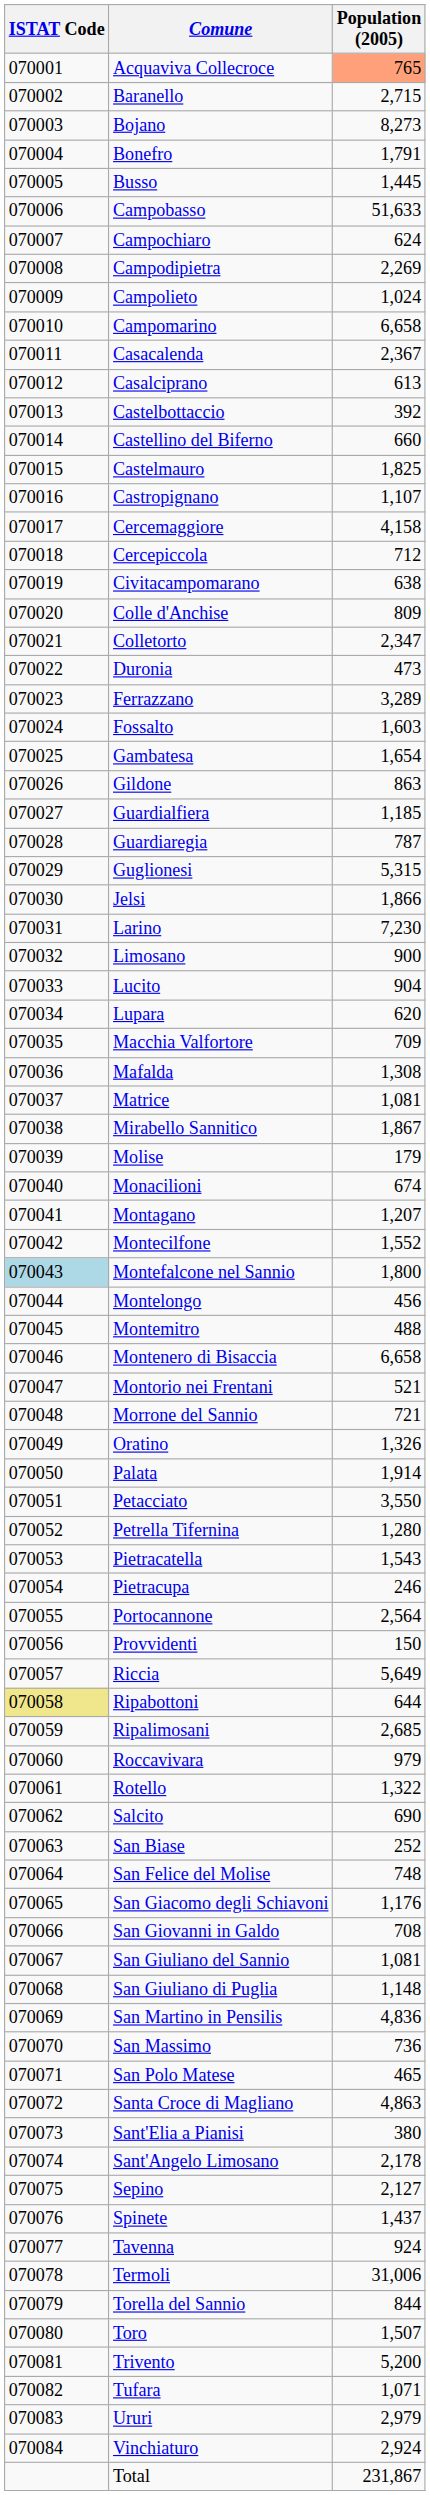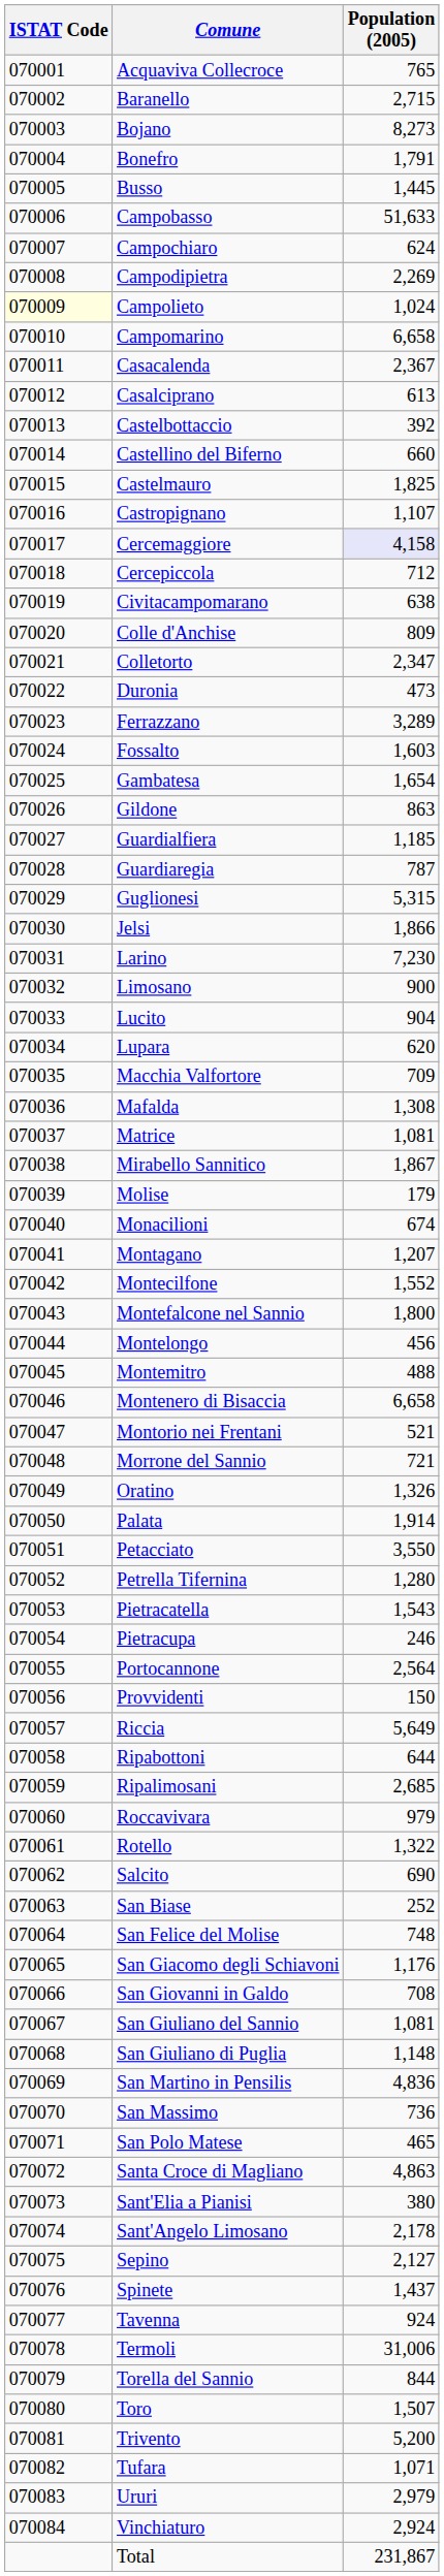 <table class="wikitable sortable">
 <tr>
 <th><a href='#'>ISTAT</a> Code</th>
 <th><em><a href='#'>Comune</a></em></th>
 <th>Population <br>(2005)</th>
 </tr>
 <tr>
 <td>070001</td>
 <td><a href='#'>Acquaviva Collecroce</a></td>
-<td align="right" style="background: lightsalmon;">765</td>
+<td align="right">765</td>
 </tr>
 <tr>
 <td>070002</td>
 <td><a href='#'>Baranello</a></td>
 <td align="right">2,715</td>
 </tr>
 <tr>
 <td>070003</td>
 <td><a href='#'>Bojano</a></td>
 <td align="right">8,273</td>
 </tr>
 <tr>
 <td>070004</td>
 <td><a href='#'>Bonefro</a></td>
 <td align="right">1,791</td>
 </tr>
 <tr>
 <td>070005</td>
 <td><a href='#'>Busso</a></td>
 <td align="right">1,445</td>
 </tr>
 <tr>
 <td>070006</td>
 <td><a href='#'>Campobasso</a></td>
 <td align="right">51,633</td>
 </tr>
 <tr>
 <td>070007</td>
 <td><a href='#'>Campochiaro</a></td>
 <td align="right">624</td>
 </tr>
 <tr>
 <td>070008</td>
 <td><a href='#'>Campodipietra</a></td>
 <td align="right">2,269</td>
 </tr>
 <tr>
-<td>070009</td>
+<td style="background: lightyellow;">070009</td>
 <td><a href='#'>Campolieto</a></td>
 <td align="right">1,024</td>
 </tr>
 <tr>
 <td>070010</td>
 <td><a href='#'>Campomarino</a></td>
 <td align="right">6,658</td>
 </tr>
 <tr>
 <td>070011</td>
 <td><a href='#'>Casacalenda</a></td>
 <td align="right">2,367</td>
 </tr>
 <tr>
 <td>070012</td>
 <td><a href='#'>Casalciprano</a></td>
 <td align="right">613</td>
 </tr>
 <tr>
 <td>070013</td>
 <td><a href='#'>Castelbottaccio</a></td>
 <td align="right">392</td>
 </tr>
 <tr>
 <td>070014</td>
 <td><a href='#'>Castellino del Biferno</a></td>
 <td align="right">660</td>
 </tr>
 <tr>
 <td>070015</td>
 <td><a href='#'>Castelmauro</a></td>
 <td align="right">1,825</td>
 </tr>
 <tr>
 <td>070016</td>
 <td><a href='#'>Castropignano</a></td>
 <td align="right">1,107</td>
 </tr>
 <tr>
 <td>070017</td>
 <td><a href='#'>Cercemaggiore</a></td>
-<td align="right">4,158</td>
+<td align="right" style="background: lavender;">4,158</td>
 </tr>
 <tr>
 <td>070018</td>
 <td><a href='#'>Cercepiccola</a></td>
 <td align="right">712</td>
 </tr>
 <tr>
 <td>070019</td>
 <td><a href='#'>Civitacampomarano</a></td>
 <td align="right">638</td>
 </tr>
 <tr>
 <td>070020</td>
 <td><a href='#'>Colle d'Anchise</a></td>
 <td align="right">809</td>
 </tr>
 <tr>
 <td>070021</td>
 <td><a href='#'>Colletorto</a></td>
 <td align="right">2,347</td>
 </tr>
 <tr>
 <td>070022</td>
 <td><a href='#'>Duronia</a></td>
 <td align="right">473</td>
 </tr>
 <tr>
 <td>070023</td>
 <td><a href='#'>Ferrazzano</a></td>
 <td align="right">3,289</td>
 </tr>
 <tr>
 <td>070024</td>
 <td><a href='#'>Fossalto</a></td>
 <td align="right">1,603</td>
 </tr>
 <tr>
 <td>070025</td>
 <td><a href='#'>Gambatesa</a></td>
 <td align="right">1,654</td>
 </tr>
 <tr>
 <td>070026</td>
 <td><a href='#'>Gildone</a></td>
 <td align="right">863</td>
 </tr>
 <tr>
 <td>070027</td>
 <td><a href='#'>Guardialfiera</a></td>
 <td align="right">1,185</td>
 </tr>
 <tr>
 <td>070028</td>
 <td><a href='#'>Guardiaregia</a></td>
 <td align="right">787</td>
 </tr>
 <tr>
 <td>070029</td>
 <td><a href='#'>Guglionesi</a></td>
 <td align="right">5,315</td>
 </tr>
 <tr>
 <td>070030</td>
 <td><a href='#'>Jelsi</a></td>
 <td align="right">1,866</td>
 </tr>
 <tr>
 <td>070031</td>
 <td><a href='#'>Larino</a></td>
 <td align="right">7,230</td>
 </tr>
 <tr>
 <td>070032</td>
 <td><a href='#'>Limosano</a></td>
 <td align="right">900</td>
 </tr>
 <tr>
 <td>070033</td>
 <td><a href='#'>Lucito</a></td>
 <td align="right">904</td>
 </tr>
 <tr>
 <td>070034</td>
 <td><a href='#'>Lupara</a></td>
 <td align="right">620</td>
 </tr>
 <tr>
 <td>070035</td>
 <td><a href='#'>Macchia Valfortore</a></td>
 <td align="right">709</td>
 </tr>
 <tr>
 <td>070036</td>
 <td><a href='#'>Mafalda</a></td>
 <td align="right">1,308</td>
 </tr>
 <tr>
 <td>070037</td>
 <td><a href='#'>Matrice</a></td>
 <td align="right">1,081</td>
 </tr>
 <tr>
 <td>070038</td>
 <td><a href='#'>Mirabello Sannitico</a></td>
 <td align="right">1,867</td>
 </tr>
 <tr>
 <td>070039</td>
 <td><a href='#'>Molise</a></td>
 <td align="right">179</td>
 </tr>
 <tr>
 <td>070040</td>
 <td><a href='#'>Monacilioni</a></td>
 <td align="right">674</td>
 </tr>
 <tr>
 <td>070041</td>
 <td><a href='#'>Montagano</a></td>
 <td align="right">1,207</td>
 </tr>
 <tr>
 <td>070042</td>
 <td><a href='#'>Montecilfone</a></td>
 <td align="right">1,552</td>
 </tr>
 <tr>
-<td style="background: lightblue;">070043</td>
+<td>070043</td>
 <td><a href='#'>Montefalcone nel Sannio</a></td>
 <td align="right">1,800</td>
 </tr>
 <tr>
 <td>070044</td>
 <td><a href='#'>Montelongo</a></td>
 <td align="right">456</td>
 </tr>
 <tr>
 <td>070045</td>
 <td><a href='#'>Montemitro</a></td>
 <td align="right">488</td>
 </tr>
 <tr>
 <td>070046</td>
 <td><a href='#'>Montenero di Bisaccia</a></td>
 <td align="right">6,658</td>
 </tr>
 <tr>
 <td>070047</td>
 <td><a href='#'>Montorio nei Frentani</a></td>
 <td align="right">521</td>
 </tr>
 <tr>
 <td>070048</td>
 <td><a href='#'>Morrone del Sannio</a></td>
 <td align="right">721</td>
 </tr>
 <tr>
 <td>070049</td>
 <td><a href='#'>Oratino</a></td>
 <td align="right">1,326</td>
 </tr>
 <tr>
 <td>070050</td>
 <td><a href='#'>Palata</a></td>
 <td align="right">1,914</td>
 </tr>
 <tr>
 <td>070051</td>
 <td><a href='#'>Petacciato</a></td>
 <td align="right">3,550</td>
 </tr>
 <tr>
 <td>070052</td>
 <td><a href='#'>Petrella Tifernina</a></td>
 <td align="right">1,280</td>
 </tr>
 <tr>
 <td>070053</td>
 <td><a href='#'>Pietracatella</a></td>
 <td align="right">1,543</td>
 </tr>
 <tr>
 <td>070054</td>
 <td><a href='#'>Pietracupa</a></td>
 <td align="right">246</td>
 </tr>
 <tr>
 <td>070055</td>
 <td><a href='#'>Portocannone</a></td>
 <td align="right">2,564</td>
 </tr>
 <tr>
 <td>070056</td>
 <td><a href='#'>Provvidenti</a></td>
 <td align="right">150</td>
 </tr>
 <tr>
 <td>070057</td>
 <td><a href='#'>Riccia</a></td>
 <td align="right">5,649</td>
 </tr>
 <tr>
-<td style="background: khaki;">070058</td>
+<td>070058</td>
 <td><a href='#'>Ripabottoni</a></td>
 <td align="right">644</td>
 </tr>
 <tr>
 <td>070059</td>
 <td><a href='#'>Ripalimosani</a></td>
 <td align="right">2,685</td>
 </tr>
 <tr>
 <td>070060</td>
 <td><a href='#'>Roccavivara</a></td>
 <td align="right">979</td>
 </tr>
 <tr>
 <td>070061</td>
 <td><a href='#'>Rotello</a></td>
 <td align="right">1,322</td>
 </tr>
 <tr>
 <td>070062</td>
 <td><a href='#'>Salcito</a></td>
 <td align="right">690</td>
 </tr>
 <tr>
 <td>070063</td>
 <td><a href='#'>San Biase</a></td>
 <td align="right">252</td>
 </tr>
 <tr>
 <td>070064</td>
 <td><a href='#'>San Felice del Molise</a></td>
 <td align="right">748</td>
 </tr>
 <tr>
 <td>070065</td>
 <td><a href='#'>San Giacomo degli Schiavoni</a></td>
 <td align="right">1,176</td>
 </tr>
 <tr>
 <td>070066</td>
 <td><a href='#'>San Giovanni in Galdo</a></td>
 <td align="right">708</td>
 </tr>
 <tr>
 <td>070067</td>
 <td><a href='#'>San Giuliano del Sannio</a></td>
 <td align="right">1,081</td>
 </tr>
 <tr>
 <td>070068</td>
 <td><a href='#'>San Giuliano di Puglia</a></td>
 <td align="right">1,148</td>
 </tr>
 <tr>
 <td>070069</td>
 <td><a href='#'>San Martino in Pensilis</a></td>
 <td align="right">4,836</td>
 </tr>
 <tr>
 <td>070070</td>
 <td><a href='#'>San Massimo</a></td>
 <td align="right">736</td>
 </tr>
 <tr>
 <td>070071</td>
 <td><a href='#'>San Polo Matese</a></td>
 <td align="right">465</td>
 </tr>
 <tr>
 <td>070072</td>
 <td><a href='#'>Santa Croce di Magliano</a></td>
 <td align="right">4,863</td>
 </tr>
 <tr>
 <td>070073</td>
 <td><a href='#'>Sant'Elia a Pianisi</a></td>
 <td align="right">380</td>
 </tr>
 <tr>
 <td>070074</td>
 <td><a href='#'>Sant'Angelo Limosano</a></td>
 <td align="right">2,178</td>
 </tr>
 <tr>
 <td>070075</td>
 <td><a href='#'>Sepino</a></td>
 <td align="right">2,127</td>
 </tr>
 <tr>
 <td>070076</td>
 <td><a href='#'>Spinete</a></td>
 <td align="right">1,437</td>
 </tr>
 <tr>
 <td>070077</td>
 <td><a href='#'>Tavenna</a></td>
 <td align="right">924</td>
 </tr>
 <tr>
 <td>070078</td>
 <td><a href='#'>Termoli</a></td>
 <td align="right">31,006</td>
 </tr>
 <tr>
 <td>070079</td>
 <td><a href='#'>Torella del Sannio</a></td>
 <td align="right">844</td>
 </tr>
 <tr>
 <td>070080</td>
 <td><a href='#'>Toro</a></td>
 <td align="right">1,507</td>
 </tr>
 <tr>
 <td>070081</td>
 <td><a href='#'>Trivento</a></td>
 <td align="right">5,200</td>
 </tr>
 <tr>
 <td>070082</td>
 <td><a href='#'>Tufara</a></td>
 <td align="right">1,071</td>
 </tr>
 <tr>
 <td>070083</td>
 <td><a href='#'>Ururi</a></td>
 <td align="right">2,979</td>
 </tr>
 <tr>
 <td>070084</td>
 <td><a href='#'>Vinchiaturo</a></td>
 <td align="right">2,924</td>
 </tr>
 <tr>
 <td></td>
 <td>Total</td>
 <td align="right">231,867</td>
 </tr>
 <tr>
 </tr>
 </table>
